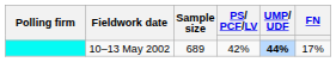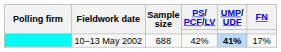 <table class="wikitable sortable" style="text-align:center;font-size:90%;line-height:14px;">
 <tr style="height:40px;">
 <th style="width:100px;" rowspan="2">Polling firm</th>
 <th style="width:110px;" rowspan="2">Fieldwork date</th>
 <th style="width:35px;" rowspan="2">Sample<br>size</th>
 <th class="unsortable" style="width:40px;"><a href='#'>PS</a>/<br><a href='#'>PCF</a>/<a href='#'>LV</a></th>
 <th class="unsortable" style="width:40px;"><a href='#'>UMP</a>/<br><a href='#'>UDF</a></th>
 <th class="unsortable" style="width:40px;"><a href='#'>FN</a></th>
 </tr>
 <tr>
 <th style="background:"></th>
 <th style="background:"></th>
 <th style="background:"></th>
 </tr>
 <tr>
 <td style="background:#04FBF4;"></td>
 <td data-sort-value="2002-05-13">10–13 May 2002</td>
-<td>689</td>
+<td>688</td>
 <td>42%</td>
-<td style="background:#B9DAFF;"><strong>44%</strong></td>
+<td style="background:#B9DAFF;"><strong>41%</strong></td>
 <td>17%</td>
 </tr>
 </table>
